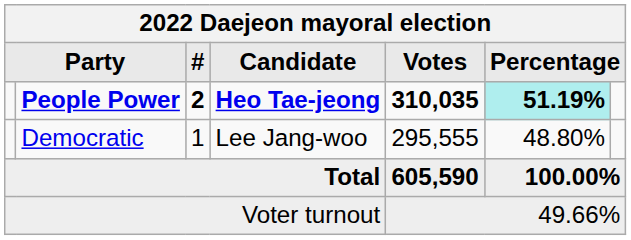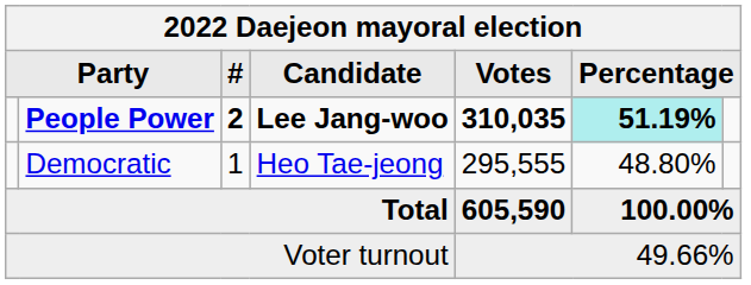 <table class="wikitable">
 <tr>
 <th colspan="7">2022 Daejeon mayoral election</th>
 </tr>
 <tr>
 <th style="background-color:#E9E9E9" colspan=2>Party</th>
 <th style="background-color:#E9E9E9">#</th>
 <th style="background-color:#E9E9E9">Candidate</th>
 <th style="background-color:#E9E9E9">Votes</th>
 <th style="background-color:#E9E9E9" colspan=2>Percentage</th>
 </tr>
 <tr style="font-weight:bold">
 <td></td>
 <td align=left><a href='#'>People Power</a></td>
 <td align=center>2</td>
-<td align=left><a href='#'>Heo Tae-jeong</a></td>
+<td align=left>Lee Jang-woo</td>
 <td align=right>310,035</td>
 <td align=right style="background: paleturquoise;">51.19%</td>
 <td align=right></td>
 </tr>
 <tr>
 <td></td>
 <td align=left><a href='#'>Democratic</a></td>
 <td align=center>1</td>
-<td align=left>Lee Jang-woo</td>
+<td align=left><a href='#'>Heo Tae-jeong</a></td>
 <td align=right>295,555</td>
 <td align=right>48.80%</td>
 <td align=right></td>
 </tr>
 <tr bgcolor="#EEEEEE" style="font-weight:bold">
 <td colspan="4" align=right>Total</td>
 <td align=right>605,590</td>
 <td align=right colspan=2>100.00%</td>
 </tr>
 <tr bgcolor="#EEEEEE">
 <td colspan="4" align="right">Voter turnout</td>
 <td colspan="3" align="right">49.66%</td>
 </tr>
 </table>
